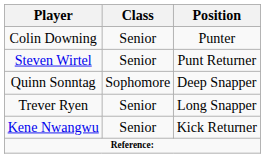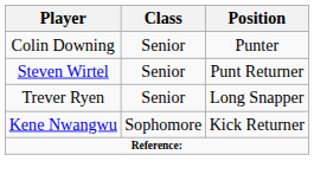 <table class="wikitable" style="text-align: center">
 <tr align=center>
 <th>Player</th>
 <th>Class</th>
 <th>Position</th>
 </tr>
 <tr>
 <td>Colin Downing</td>
 <td>Senior</td>
 <td>Punter</td>
 </tr>
 <tr>
 <td><a href='#'>Steven Wirtel</a></td>
 <td>Senior</td>
 <td>Punt Returner</td>
 </tr>
 <tr>
-<td>Quinn Sonntag</td>
-<td>Sophomore</td>
-<td>Deep Snapper</td>
-</tr>
-<tr>
 <td>Trever Ryen</td>
 <td>Senior</td>
 <td>Long Snapper</td>
 </tr>
 <tr>
 <td><a href='#'>Kene Nwangwu</a></td>
-<td>Senior</td>
+<td>Sophomore</td>
 <td>Kick Returner</td>
 </tr>
 <tr>
 <td colspan="3"  style="font-size:8pt; text-align:center;"><strong>Reference:</strong></td>
 </tr>
 </table>
